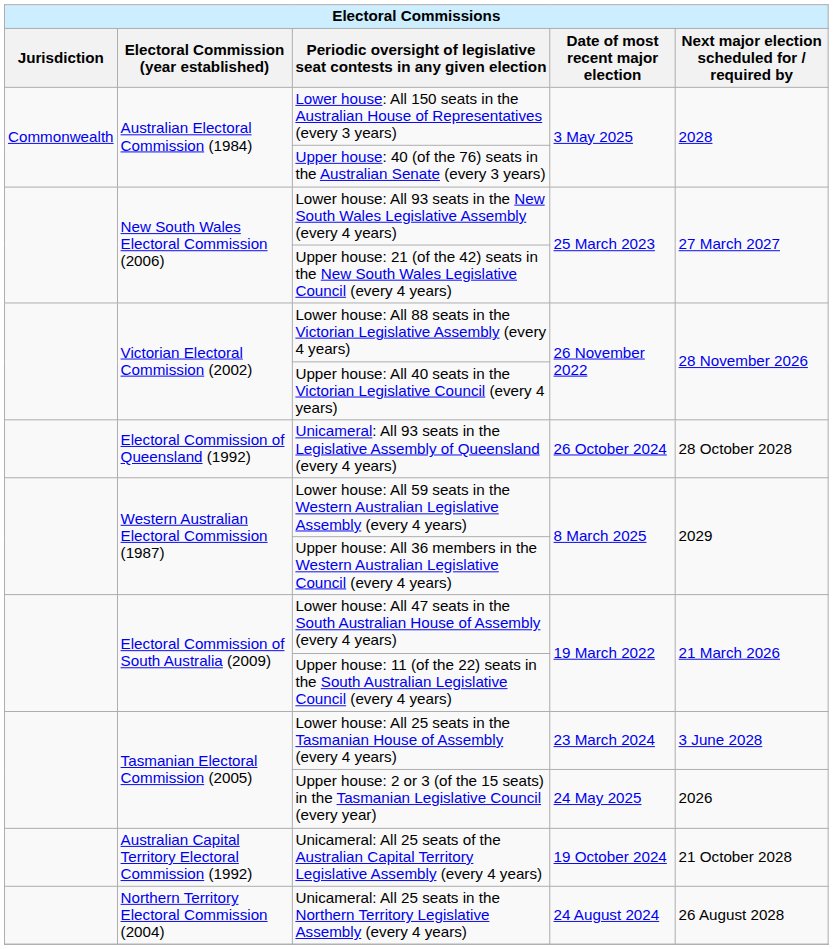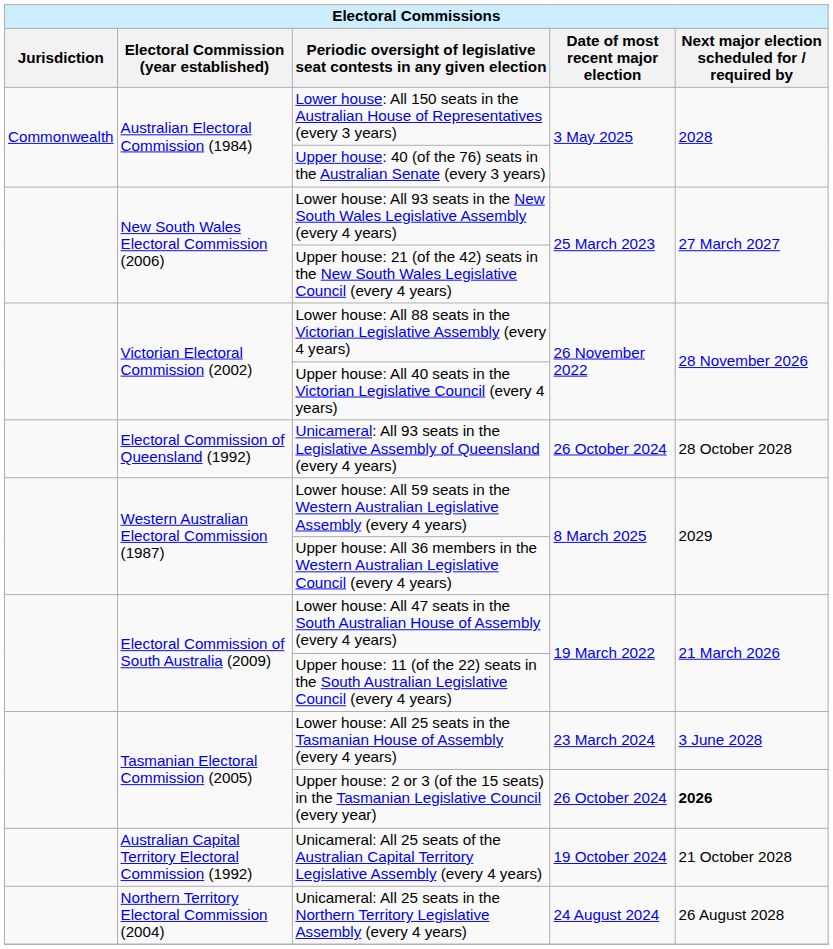 <table class="wikitable sortable" style="float: left;" border="1">
 <tr>
 <th colspan="5" style="font-size:100%; background:#cef; text-align:center;"><strong>Electoral Commissions</strong></th>
 </tr>
 <tr>
 <th>Jurisdiction</th>
 <th>Electoral Commission (year established)</th>
 <th>Periodic oversight of legislative seat contests in any given election</th>
 <th>Date of most recent major election</th>
 <th>Next major election scheduled for / required by</th>
 </tr>
 <tr>
 <td rowspan="2"> <a href='#'>Commonwealth</a></td>
 <td rowspan="2"><a href='#'>Australian Electoral Commission</a> (1984)</td>
 <td><a href='#'>Lower house</a>: All 150 seats in the <a href='#'>Australian House of Representatives</a> (every 3 years)</td>
 <td rowspan="2"><a href='#'>3 May 2025</a></td>
 <td rowspan="2"><a href='#'>2028</a></td>
 </tr>
 <tr>
 <td><a href='#'>Upper house</a>: 40 (of the 76) seats in the <a href='#'>Australian Senate</a> (every 3 years)</td>
 </tr>
 <tr>
 <td rowspan="2"></td>
 <td rowspan="2"><a href='#'>New South Wales Electoral Commission</a> (2006)</td>
 <td>Lower house: All 93 seats in the <a href='#'>New South Wales Legislative Assembly</a> (every 4 years)</td>
 <td rowspan="2"><a href='#'>25 March 2023</a></td>
 <td rowspan="2"><a href='#'>27 March 2027</a></td>
 </tr>
 <tr>
 <td>Upper house: 21 (of the 42) seats in the <a href='#'>New South Wales Legislative Council</a> (every 4 years)</td>
 </tr>
 <tr>
 <td rowspan="2"></td>
 <td rowspan="2"><a href='#'>Victorian Electoral Commission</a> (2002)</td>
 <td>Lower house: All 88 seats in the <a href='#'>Victorian Legislative Assembly</a> (every 4 years)</td>
 <td rowspan="2"><a href='#'>26 November 2022</a></td>
 <td rowspan="2"><a href='#'>28 November 2026</a></td>
 </tr>
 <tr>
 <td>Upper house: All 40 seats in the <a href='#'>Victorian Legislative Council</a> (every 4 years)</td>
 </tr>
 <tr>
 <td></td>
 <td><a href='#'>Electoral Commission of Queensland</a> (1992)</td>
 <td><a href='#'>Unicameral</a>: All 93 seats in the <a href='#'>Legislative Assembly of Queensland</a> (every 4 years)</td>
 <td><a href='#'>26 October 2024</a></td>
 <td>28 October 2028</td>
 </tr>
 <tr>
 <td rowspan="2"></td>
 <td rowspan="2"><a href='#'>Western Australian Electoral Commission</a> (1987)</td>
 <td>Lower house: All 59 seats in the <a href='#'>Western Australian Legislative Assembly</a> (every 4 years)</td>
 <td rowspan="2"><a href='#'>8 March 2025</a></td>
 <td rowspan="2">2029</td>
 </tr>
 <tr>
 <td>Upper house: All 36 members in the <a href='#'>Western Australian Legislative Council</a> (every 4 years)</td>
 </tr>
 <tr>
 <td rowspan="2"></td>
 <td rowspan="2"><a href='#'>Electoral Commission of South Australia</a> (2009)</td>
 <td>Lower house: All 47 seats in the <a href='#'>South Australian House of Assembly</a> (every 4 years)</td>
 <td rowspan="2"><a href='#'>19 March 2022</a></td>
 <td rowspan="2"><a href='#'>21 March 2026</a></td>
 </tr>
 <tr>
 <td>Upper house: 11 (of the 22) seats in the <a href='#'>South Australian Legislative Council</a> (every 4 years)</td>
 </tr>
 <tr>
 <td rowspan="2"></td>
 <td rowspan="2"><a href='#'>Tasmanian Electoral Commission</a> (2005)</td>
 <td>Lower house: All 25 seats in the <a href='#'>Tasmanian House of Assembly</a> (every 4 years)</td>
 <td><a href='#'>23 March 2024</a></td>
 <td><a href='#'>3 June 2028</a></td>
 </tr>
 <tr>
 <td>Upper house: 2 or 3 (of the 15 seats) in the <a href='#'>Tasmanian Legislative Council</a> (every year)</td>
-<td><a href='#'>24 May 2025</a></td>
-<td>2026</td>
+<td><a href='#'>26 October 2024</a></td>
+<td><strong>2026</strong></td>
 </tr>
 <tr>
 <td></td>
 <td><a href='#'>Australian Capital Territory Electoral Commission</a> (1992)</td>
 <td>Unicameral: All 25 seats of the <a href='#'>Australian Capital Territory Legislative Assembly</a> (every 4 years)</td>
 <td><a href='#'>19 October 2024</a></td>
 <td>21 October 2028</td>
 </tr>
 <tr>
 <td></td>
 <td><a href='#'>Northern Territory Electoral Commission</a> (2004)</td>
 <td>Unicameral: All 25 seats in the <a href='#'>Northern Territory Legislative Assembly</a> (every 4 years)</td>
 <td><a href='#'>24 August 2024</a></td>
 <td>26 August 2028</td>
 </tr>
 <tr>
 </tr>
 </table>
